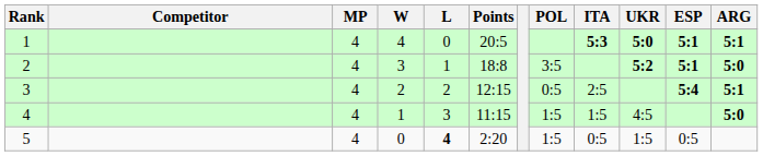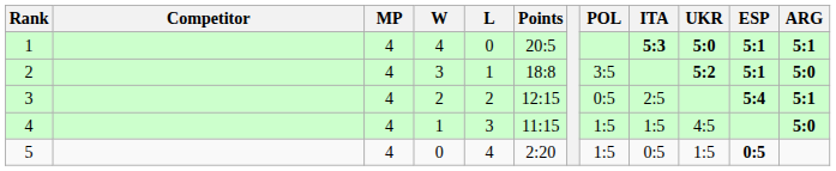 <table class="wikitable" style="text-align:center">
 <tr>
 <th>Rank</th>
 <th style="width:18em">Competitor</th>
 <th style="width:2.5em">MP</th>
 <th style="width:2.5em">W</th>
 <th style="width:2.5em">L</th>
 <th>Points</th>
 <th rowspan="6"> </th>
 <th style="width:2.5em">POL</th>
 <th style="width:2.5em">ITA</th>
 <th style="width:2.5em">UKR</th>
 <th style="width:2.5em">ESP</th>
 <th style="width:2.5em">ARG</th>
 </tr>
 <tr style="background:#cfc;">
 <td>1</td>
 <td style="text-align:left"></td>
 <td>4</td>
 <td>4</td>
 <td>0</td>
 <td>20:5</td>
 <td></td>
 <td><strong>5:3</strong></td>
 <td><strong>5:0</strong></td>
 <td><strong>5:1</strong></td>
 <td><strong>5:1</strong></td>
 </tr>
 <tr style="background:#cfc;">
 <td>2</td>
 <td style="text-align:left"></td>
 <td>4</td>
 <td>3</td>
 <td>1</td>
 <td>18:8</td>
 <td>3:5</td>
 <td></td>
 <td><strong>5:2</strong></td>
 <td><strong>5:1</strong></td>
 <td><strong>5:0</strong></td>
 </tr>
 <tr style="background:#cfc;">
 <td>3</td>
 <td style="text-align:left"></td>
 <td>4</td>
 <td>2</td>
 <td>2</td>
 <td>12:15</td>
 <td>0:5</td>
 <td>2:5</td>
 <td></td>
 <td><strong>5:4</strong></td>
 <td><strong>5:1</strong></td>
 </tr>
 <tr style="background:#cfc;">
 <td>4</td>
 <td style="text-align:left"></td>
 <td>4</td>
 <td>1</td>
 <td>3</td>
 <td>11:15</td>
 <td>1:5</td>
 <td>1:5</td>
 <td>4:5</td>
 <td></td>
 <td><strong>5:0</strong></td>
 </tr>
 <tr>
 <td>5</td>
 <td style="text-align:left"></td>
 <td>4</td>
 <td>0</td>
-<td><strong>4</strong></td>
+<td>4</td>
 <td>2:20</td>
 <td>1:5</td>
 <td>0:5</td>
 <td>1:5</td>
-<td>0:5</td>
+<td><strong>0:5</strong></td>
 <td></td>
 </tr>
 </table>
